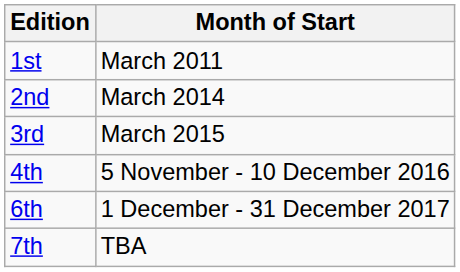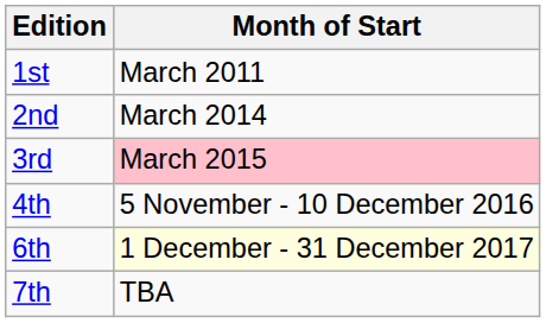 <table class="wikitable">
 <tr>
 <th>Edition</th>
 <th>Month of Start</th>
 </tr>
 <tr>
 <td><a href='#'>1st</a></td>
 <td>March 2011</td>
 </tr>
 <tr>
 <td><a href='#'>2nd</a></td>
 <td>March 2014</td>
 </tr>
 <tr>
 <td><a href='#'>3rd</a></td>
-<td>March 2015</td>
+<td style="background: pink;">March 2015</td>
 </tr>
 <tr>
 <td><a href='#'>4th</a></td>
 <td>5 November - 10 December 2016</td>
 </tr>
 <tr>
 <td><a href='#'>6th</a></td>
-<td>1 December - 31 December 2017</td>
+<td style="background: lightyellow;">1 December - 31 December 2017</td>
 </tr>
 <tr>
 <td><a href='#'>7th</a></td>
 <td>TBA</td>
 </tr>
 </table>
